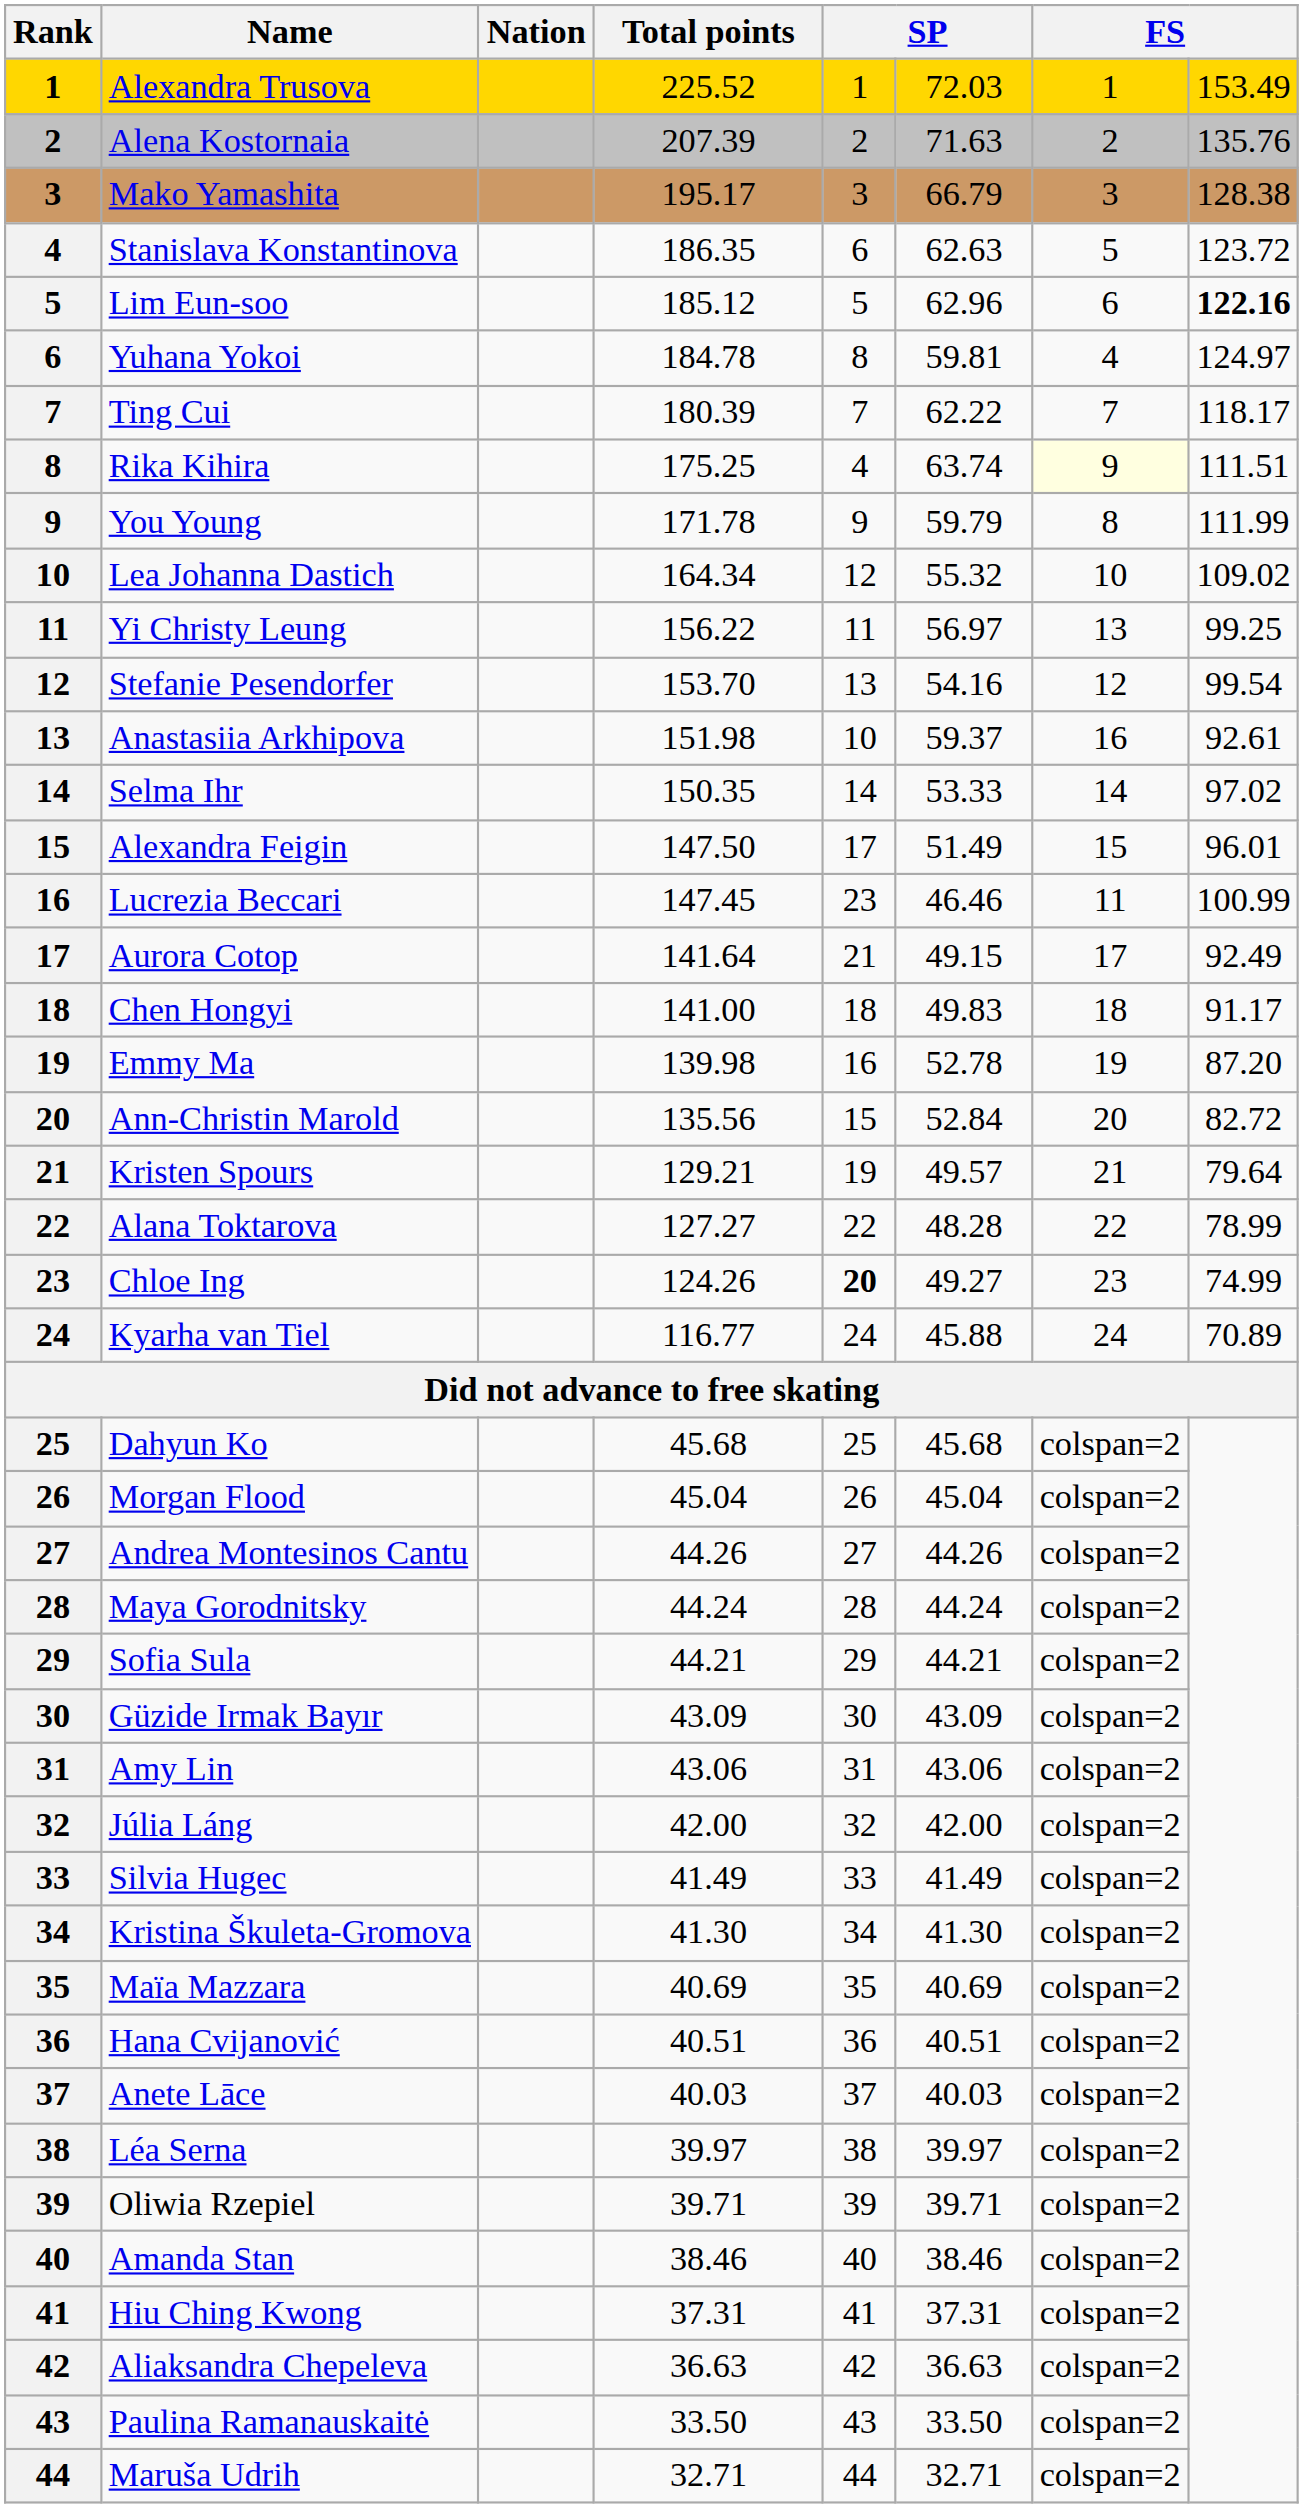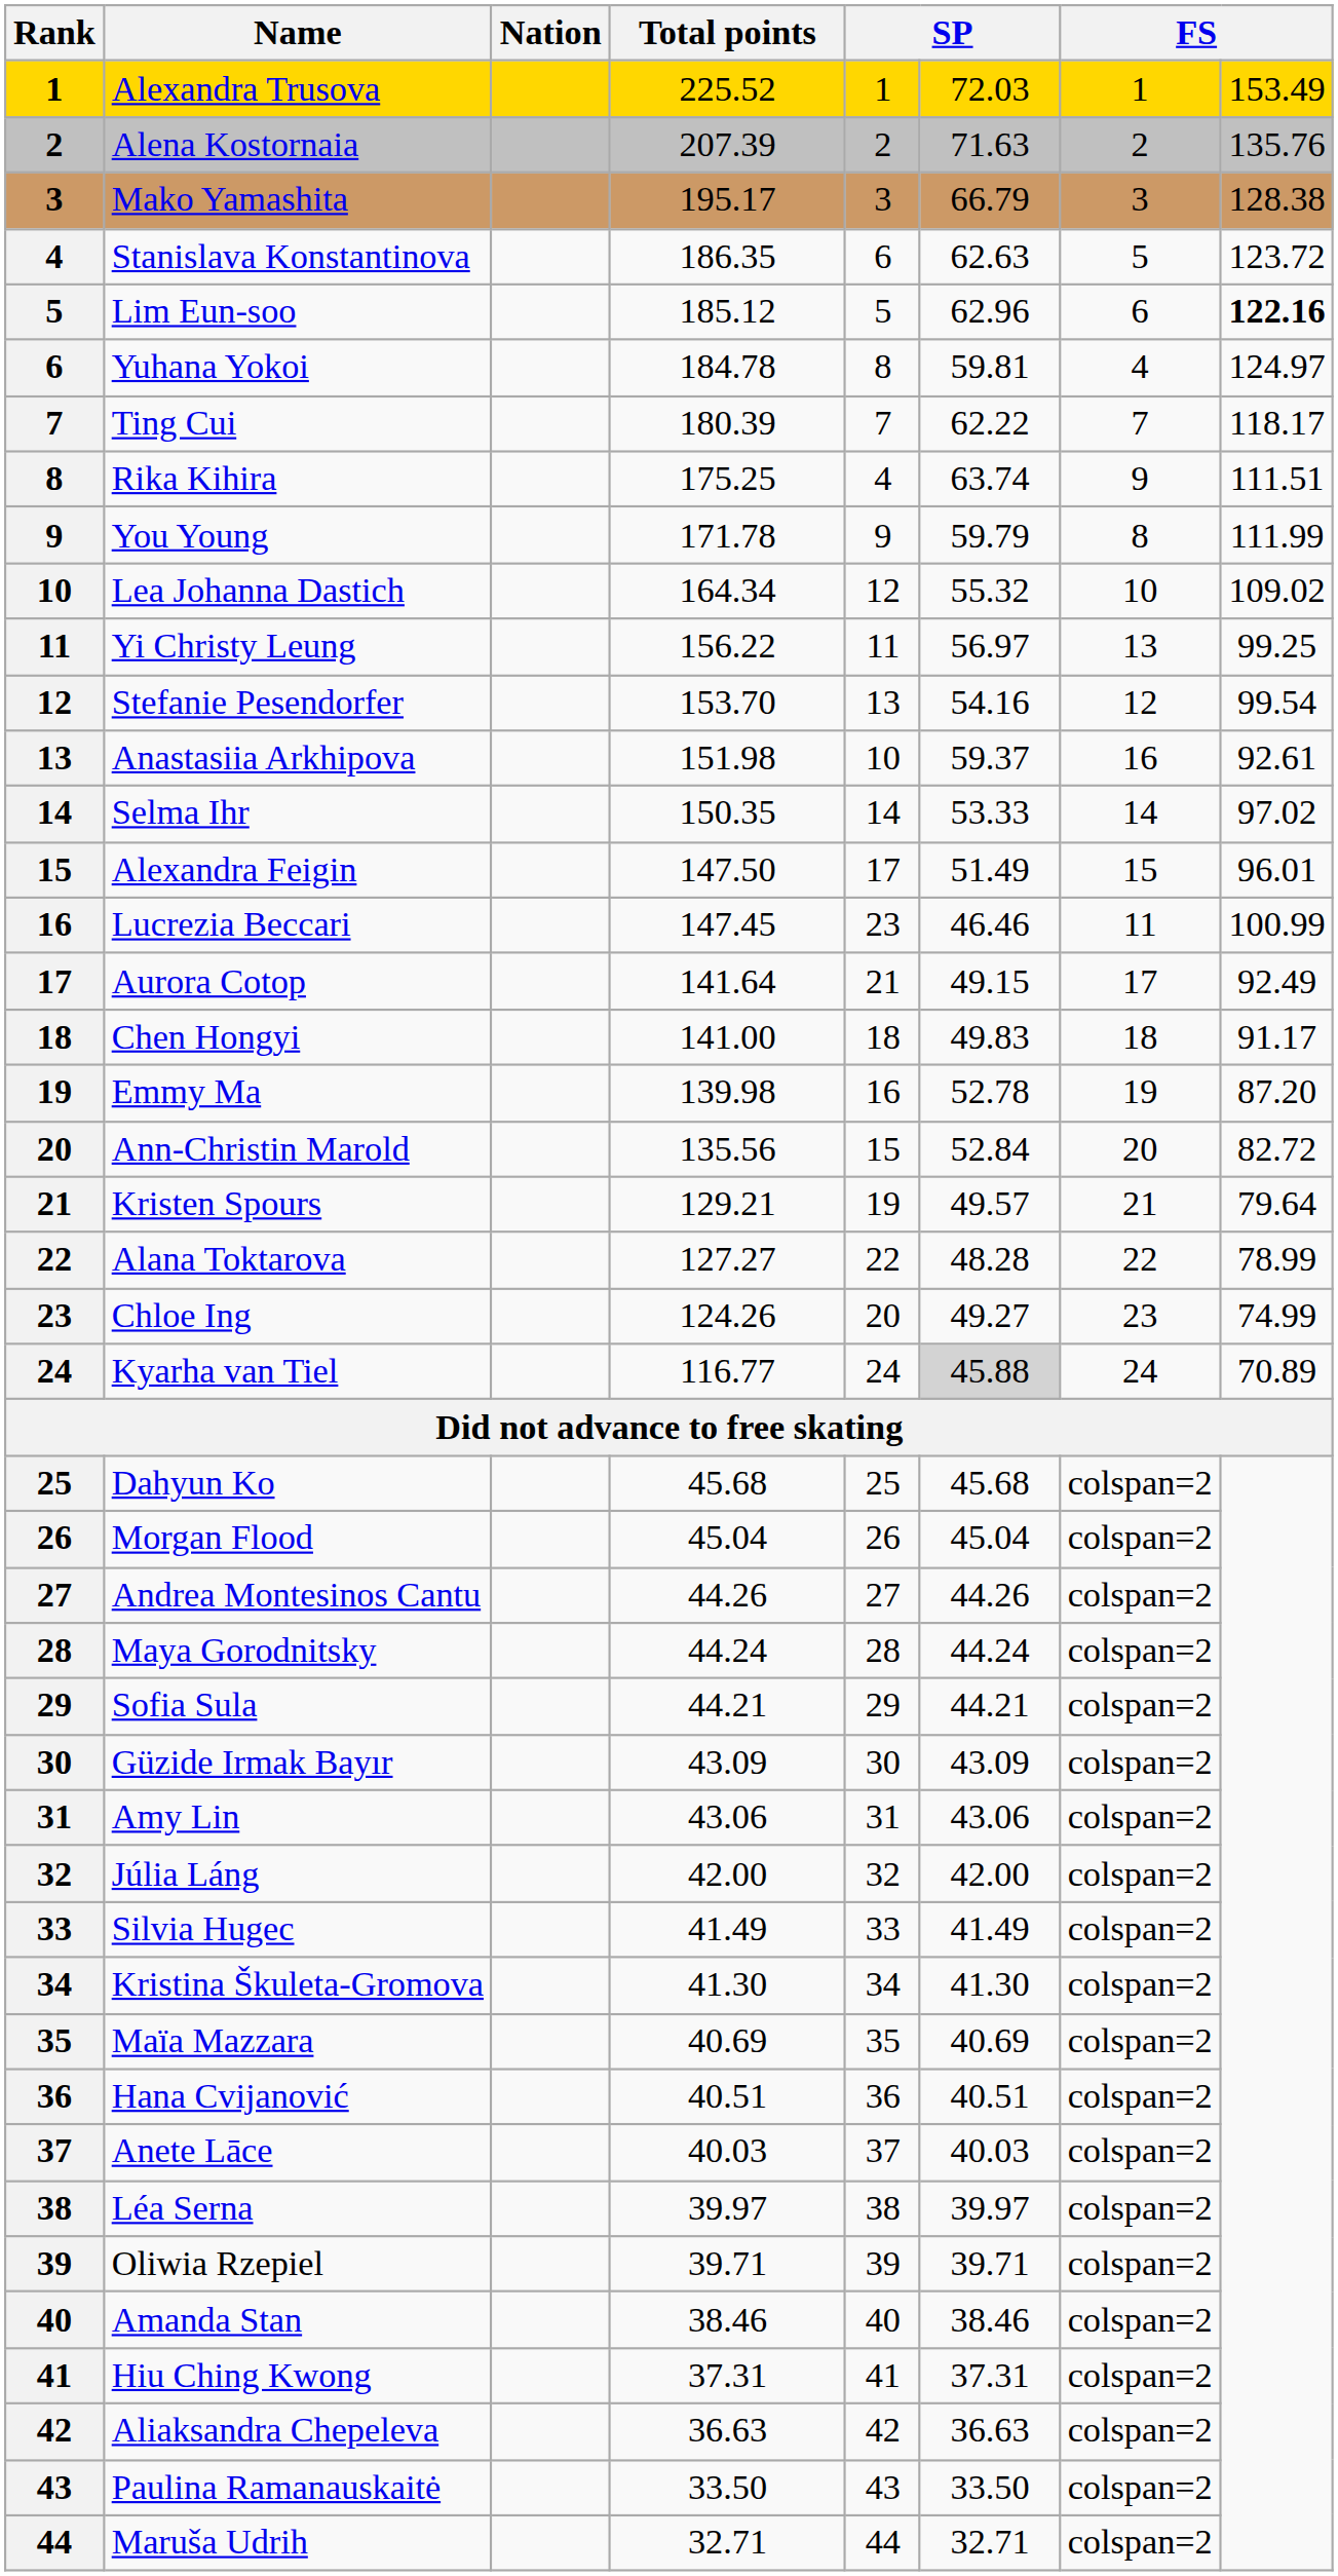 <table class="wikitable sortable">
 <tr>
 <th>Rank</th>
 <th>Name</th>
 <th>Nation</th>
 <th width="100px">Total points</th>
 <th colspan="2" width="90px"><a href='#'>SP</a></th>
 <th colspan="2" width="90px"><a href='#'>FS</a></th>
 </tr>
 <tr bgcolor="gold">
 <td align="center" bgcolor="gold"><strong>1</strong></td>
 <td><a href='#'>Alexandra Trusova</a></td>
 <td></td>
 <td align="center">225.52</td>
 <td align="center">1</td>
 <td align="center">72.03</td>
 <td align="center">1</td>
 <td align="center">153.49</td>
 </tr>
 <tr bgcolor="silver">
 <td align="center" bgcolor="silver"><strong>2</strong></td>
 <td><a href='#'>Alena Kostornaia</a></td>
 <td></td>
 <td align="center">207.39</td>
 <td align="center">2</td>
 <td align="center">71.63</td>
 <td align="center">2</td>
 <td align="center">135.76</td>
 </tr>
 <tr bgcolor="#cc9966">
 <td align="center" bgcolor="#cc9966"><strong>3</strong></td>
 <td><a href='#'>Mako Yamashita</a></td>
 <td></td>
 <td align="center">195.17</td>
 <td align="center">3</td>
 <td align="center">66.79</td>
 <td align="center">3</td>
 <td align="center">128.38</td>
 </tr>
 <tr>
 <th>4</th>
 <td><a href='#'>Stanislava Konstantinova</a></td>
 <td></td>
 <td align="center">186.35</td>
 <td align="center">6</td>
 <td align="center">62.63</td>
 <td align="center">5</td>
 <td align="center">123.72</td>
 </tr>
 <tr>
 <th>5</th>
 <td><a href='#'>Lim Eun-soo</a></td>
 <td></td>
 <td align="center">185.12</td>
 <td align="center">5</td>
 <td align="center">62.96</td>
 <td align="center">6</td>
 <td align="center"><strong>122.16</strong></td>
 </tr>
 <tr>
 <th>6</th>
 <td><a href='#'>Yuhana Yokoi</a></td>
 <td></td>
 <td align="center">184.78</td>
 <td align="center">8</td>
 <td align="center">59.81</td>
 <td align="center">4</td>
 <td align="center">124.97</td>
 </tr>
 <tr>
 <th>7</th>
 <td><a href='#'>Ting Cui</a></td>
 <td></td>
 <td align="center">180.39</td>
 <td align="center">7</td>
 <td align="center">62.22</td>
 <td align="center">7</td>
 <td align="center">118.17</td>
 </tr>
 <tr>
 <th>8</th>
 <td><a href='#'>Rika Kihira</a></td>
 <td></td>
 <td align="center">175.25</td>
 <td align="center">4</td>
 <td align="center">63.74</td>
-<td align="center" style="background: lightyellow;">9</td>
+<td align="center">9</td>
 <td align="center">111.51</td>
 </tr>
 <tr>
 <th>9</th>
 <td><a href='#'>You Young</a></td>
 <td></td>
 <td align="center">171.78</td>
 <td align="center">9</td>
 <td align="center">59.79</td>
 <td align="center">8</td>
 <td align="center">111.99</td>
 </tr>
 <tr>
 <th>10</th>
 <td><a href='#'>Lea Johanna Dastich</a></td>
 <td></td>
 <td align="center">164.34</td>
 <td align="center">12</td>
 <td align="center">55.32</td>
 <td align="center">10</td>
 <td align="center">109.02</td>
 </tr>
 <tr>
 <th>11</th>
 <td><a href='#'>Yi Christy Leung</a></td>
 <td></td>
 <td align="center">156.22</td>
 <td align="center">11</td>
 <td align="center">56.97</td>
 <td align="center">13</td>
 <td align="center">99.25</td>
 </tr>
 <tr>
 <th>12</th>
 <td><a href='#'>Stefanie Pesendorfer</a></td>
 <td></td>
 <td align="center">153.70</td>
 <td align="center">13</td>
 <td align="center">54.16</td>
 <td align="center">12</td>
 <td align="center">99.54</td>
 </tr>
 <tr>
 <th>13</th>
 <td><a href='#'>Anastasiia Arkhipova</a></td>
 <td></td>
 <td align="center">151.98</td>
 <td align="center">10</td>
 <td align="center">59.37</td>
 <td align="center">16</td>
 <td align="center">92.61</td>
 </tr>
 <tr>
 <th>14</th>
 <td><a href='#'>Selma Ihr</a></td>
 <td></td>
 <td align="center">150.35</td>
 <td align="center">14</td>
 <td align="center">53.33</td>
 <td align="center">14</td>
 <td align="center">97.02</td>
 </tr>
 <tr>
 <th>15</th>
 <td><a href='#'>Alexandra Feigin</a></td>
 <td></td>
 <td align="center">147.50</td>
 <td align="center">17</td>
 <td align="center">51.49</td>
 <td align="center">15</td>
 <td align="center">96.01</td>
 </tr>
 <tr>
 <th>16</th>
 <td><a href='#'>Lucrezia Beccari</a></td>
 <td></td>
 <td align="center">147.45</td>
 <td align="center">23</td>
 <td align="center">46.46</td>
 <td align="center">11</td>
 <td align="center">100.99</td>
 </tr>
 <tr>
 <th>17</th>
 <td><a href='#'>Aurora Cotop</a></td>
 <td></td>
 <td align="center">141.64</td>
 <td align="center">21</td>
 <td align="center">49.15</td>
 <td align="center">17</td>
 <td align="center">92.49</td>
 </tr>
 <tr>
 <th>18</th>
 <td><a href='#'>Chen Hongyi</a></td>
 <td></td>
 <td align="center">141.00</td>
 <td align="center">18</td>
 <td align="center">49.83</td>
 <td align="center">18</td>
 <td align="center">91.17</td>
 </tr>
 <tr>
 <th>19</th>
 <td><a href='#'>Emmy Ma</a></td>
 <td></td>
 <td align="center">139.98</td>
 <td align="center">16</td>
 <td align="center">52.78</td>
 <td align="center">19</td>
 <td align="center">87.20</td>
 </tr>
 <tr>
 <th>20</th>
 <td><a href='#'>Ann-Christin Marold</a></td>
 <td></td>
 <td align="center">135.56</td>
 <td align="center">15</td>
 <td align="center">52.84</td>
 <td align="center">20</td>
 <td align="center">82.72</td>
 </tr>
 <tr>
 <th>21</th>
 <td><a href='#'>Kristen Spours</a></td>
 <td></td>
 <td align="center">129.21</td>
 <td align="center">19</td>
 <td align="center">49.57</td>
 <td align="center">21</td>
 <td align="center">79.64</td>
 </tr>
 <tr>
 <th>22</th>
 <td><a href='#'>Alana Toktarova</a></td>
 <td></td>
 <td align="center">127.27</td>
 <td align="center">22</td>
 <td align="center">48.28</td>
 <td align="center">22</td>
 <td align="center">78.99</td>
 </tr>
 <tr>
 <th>23</th>
 <td><a href='#'>Chloe Ing</a></td>
 <td></td>
 <td align="center">124.26</td>
-<td align="center"><strong>20</strong></td>
+<td align="center">20</td>
 <td align="center">49.27</td>
 <td align="center">23</td>
 <td align="center">74.99</td>
 </tr>
 <tr>
 <th>24</th>
 <td><a href='#'>Kyarha van Tiel</a></td>
 <td></td>
 <td align="center">116.77</td>
 <td align="center">24</td>
-<td align="center">45.88</td>
+<td align="center" style="background: lightgrey;">45.88</td>
 <td align="center">24</td>
 <td align="center">70.89</td>
 </tr>
 <tr>
 <th colspan=8>Did not advance to free skating</th>
 </tr>
 <tr>
 <th>25</th>
 <td><a href='#'>Dahyun Ko</a></td>
 <td></td>
 <td align="center">45.68</td>
 <td align="center">25</td>
 <td align="center">45.68</td>
 <td>colspan=2 </td>
 </tr>
 <tr>
 <th>26</th>
 <td><a href='#'>Morgan Flood</a></td>
 <td></td>
 <td align="center">45.04</td>
 <td align="center">26</td>
 <td align="center">45.04</td>
 <td>colspan=2 </td>
 </tr>
 <tr>
 <th>27</th>
 <td><a href='#'>Andrea Montesinos Cantu</a></td>
 <td></td>
 <td align="center">44.26</td>
 <td align="center">27</td>
 <td align="center">44.26</td>
 <td>colspan=2 </td>
 </tr>
 <tr>
 <th>28</th>
 <td><a href='#'>Maya Gorodnitsky</a></td>
 <td></td>
 <td align="center">44.24</td>
 <td align="center">28</td>
 <td align="center">44.24</td>
 <td>colspan=2 </td>
 </tr>
 <tr>
 <th>29</th>
 <td><a href='#'>Sofia Sula</a></td>
 <td></td>
 <td align="center">44.21</td>
 <td align="center">29</td>
 <td align="center">44.21</td>
 <td>colspan=2 </td>
 </tr>
 <tr>
 <th>30</th>
 <td><a href='#'>Güzide Irmak Bayır</a></td>
 <td></td>
 <td align="center">43.09</td>
 <td align="center">30</td>
 <td align="center">43.09</td>
 <td>colspan=2 </td>
 </tr>
 <tr>
 <th>31</th>
 <td><a href='#'>Amy Lin</a></td>
 <td></td>
 <td align="center">43.06</td>
 <td align="center">31</td>
 <td align="center">43.06</td>
 <td>colspan=2 </td>
 </tr>
 <tr>
 <th>32</th>
 <td><a href='#'>Júlia Láng</a></td>
 <td></td>
 <td align="center">42.00</td>
 <td align="center">32</td>
 <td align="center">42.00</td>
 <td>colspan=2 </td>
 </tr>
 <tr>
 <th>33</th>
 <td><a href='#'>Silvia Hugec</a></td>
 <td></td>
 <td align="center">41.49</td>
 <td align="center">33</td>
 <td align="center">41.49</td>
 <td>colspan=2 </td>
 </tr>
 <tr>
 <th>34</th>
 <td><a href='#'>Kristina Škuleta-Gromova</a></td>
 <td></td>
 <td align="center">41.30</td>
 <td align="center">34</td>
 <td align="center">41.30</td>
 <td>colspan=2 </td>
 </tr>
 <tr>
 <th>35</th>
 <td><a href='#'>Maïa Mazzara</a></td>
 <td></td>
 <td align="center">40.69</td>
 <td align="center">35</td>
 <td align="center">40.69</td>
 <td>colspan=2 </td>
 </tr>
 <tr>
 <th>36</th>
 <td><a href='#'>Hana Cvijanović</a></td>
 <td></td>
 <td align="center">40.51</td>
 <td align="center">36</td>
 <td align="center">40.51</td>
 <td>colspan=2 </td>
 </tr>
 <tr>
 <th>37</th>
 <td><a href='#'>Anete Lāce</a></td>
 <td></td>
 <td align="center">40.03</td>
 <td align="center">37</td>
 <td align="center">40.03</td>
 <td>colspan=2 </td>
 </tr>
 <tr>
 <th>38</th>
 <td><a href='#'>Léa Serna</a></td>
 <td></td>
 <td align="center">39.97</td>
 <td align="center">38</td>
 <td align="center">39.97</td>
 <td>colspan=2 </td>
 </tr>
 <tr>
 <th>39</th>
 <td>Oliwia Rzepiel</td>
 <td></td>
 <td align="center">39.71</td>
 <td align="center">39</td>
 <td align="center">39.71</td>
 <td>colspan=2 </td>
 </tr>
 <tr>
 <th>40</th>
 <td><a href='#'>Amanda Stan</a></td>
 <td></td>
 <td align="center">38.46</td>
 <td align="center">40</td>
 <td align="center">38.46</td>
 <td>colspan=2 </td>
 </tr>
 <tr>
 <th>41</th>
 <td><a href='#'>Hiu Ching Kwong</a></td>
 <td></td>
 <td align="center">37.31</td>
 <td align="center">41</td>
 <td align="center">37.31</td>
 <td>colspan=2 </td>
 </tr>
 <tr>
 <th>42</th>
 <td><a href='#'>Aliaksandra Chepeleva</a></td>
 <td></td>
 <td align="center">36.63</td>
 <td align="center">42</td>
 <td align="center">36.63</td>
 <td>colspan=2 </td>
 </tr>
 <tr>
 <th>43</th>
 <td><a href='#'>Paulina Ramanauskaitė</a></td>
 <td></td>
 <td align="center">33.50</td>
 <td align="center">43</td>
 <td align="center">33.50</td>
 <td>colspan=2 </td>
 </tr>
 <tr>
 <th>44</th>
 <td><a href='#'>Maruša Udrih</a></td>
 <td></td>
 <td align="center">32.71</td>
 <td align="center">44</td>
 <td align="center">32.71</td>
 <td>colspan=2 </td>
 </tr>
 </table>
